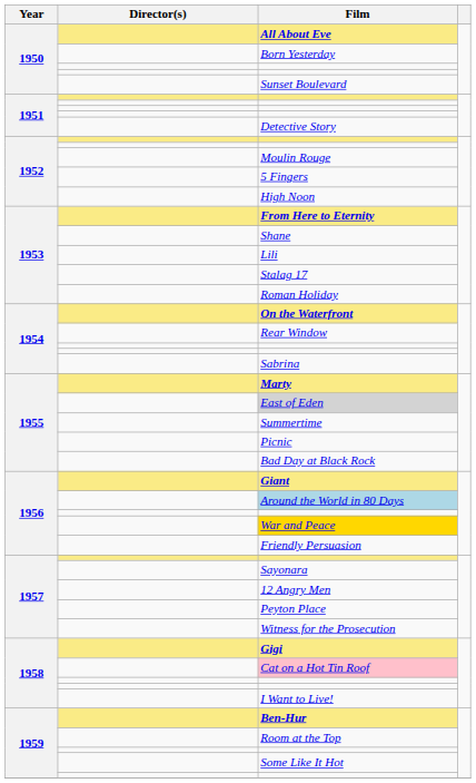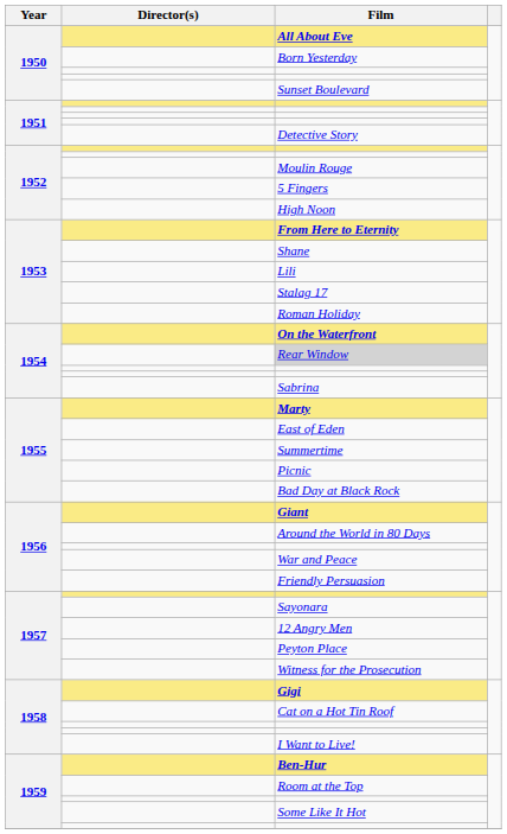 <table class="wikitable sortable">
 <tr>
 <th scope="col" style="width:8%;">Year</th>
 <th scope="col" style="width:30%;">Director(s)</th>
 <th scope="col" style="width:30%;">Film</th>
 <th scope="col" style="width:2%;"></th>
 </tr>
 <tr>
 <th scope="row" rowspan=5 style="text-align:center;"><a href='#'>1950</a><br></th>
 <td style="background:#FAEB86;"><strong></strong></td>
 <td style="background:#FAEB86;"><strong><em><a href='#'>All About Eve</a></em></strong></td>
 <td rowspan="5"></td>
 </tr>
 <tr>
 <td></td>
 <td><em><a href='#'>Born Yesterday</a></em></td>
 </tr>
 <tr>
 <td></td>
 <td></td>
 </tr>
 <tr>
 <td></td>
 <td></td>
 </tr>
 <tr>
 <td></td>
 <td><em><a href='#'>Sunset Boulevard</a></em></td>
 </tr>
 <tr>
 <th scope="row" rowspan=5 style="text-align:center;"><a href='#'>1951</a><br></th>
 <td style="background:#FAEB86;"><strong></strong></td>
 <td style="background:#FAEB86;"><strong></strong></td>
 <td rowspan="5"></td>
 </tr>
 <tr>
 <td></td>
 <td></td>
 </tr>
 <tr>
 <td></td>
 <td></td>
 </tr>
 <tr>
 <td></td>
 <td></td>
 </tr>
 <tr>
 <td></td>
 <td><em><a href='#'>Detective Story</a></em></td>
 </tr>
 <tr>
 <th scope="row" rowspan=5 style="text-align:center;"><a href='#'>1952</a><br></th>
 <td style="background:#FAEB86;"><strong></strong></td>
 <td style="background:#FAEB86;"><strong></strong></td>
 <td rowspan="5"></td>
 </tr>
 <tr>
 <td></td>
 <td></td>
 </tr>
 <tr>
 <td></td>
 <td><em><a href='#'>Moulin Rouge</a></em></td>
 </tr>
 <tr>
 <td></td>
 <td><em><a href='#'>5 Fingers</a></em></td>
 </tr>
 <tr>
 <td></td>
 <td><em><a href='#'>High Noon</a></em></td>
 </tr>
 <tr>
 <th scope="row" rowspan=5 style="text-align:center;"><a href='#'>1953</a><br></th>
 <td style="background:#FAEB86;"><strong></strong></td>
 <td style="background:#FAEB86;"><strong><em><a href='#'>From Here to Eternity</a></em></strong></td>
 <td rowspan="5"></td>
 </tr>
 <tr>
 <td></td>
 <td><em><a href='#'>Shane</a></em></td>
 </tr>
 <tr>
 <td></td>
 <td><em><a href='#'>Lili</a></em></td>
 </tr>
 <tr>
 <td></td>
 <td><em><a href='#'>Stalag 17</a></em></td>
 </tr>
 <tr>
 <td></td>
 <td><em><a href='#'>Roman Holiday</a></em></td>
 </tr>
 <tr>
 <th scope="row" rowspan=5 style="text-align:center;"><a href='#'>1954</a><br></th>
 <td style="background:#FAEB86;"><strong></strong></td>
 <td style="background:#FAEB86;"><strong><em><a href='#'>On the Waterfront</a></em></strong></td>
 <td rowspan="5"></td>
 </tr>
 <tr>
 <td></td>
-<td><em><a href='#'>Rear Window</a></em></td>
+<td style="background: lightgrey;"><em><a href='#'>Rear Window</a></em></td>
 </tr>
 <tr>
 <td></td>
 <td></td>
 </tr>
 <tr>
 <td></td>
 <td></td>
 </tr>
 <tr>
 <td></td>
 <td><em><a href='#'>Sabrina</a></em></td>
 </tr>
 <tr>
 <th scope="row" rowspan=5 style="text-align:center;"><a href='#'>1955</a><br></th>
 <td style="background:#FAEB86;"><strong></strong></td>
 <td style="background:#FAEB86;"><strong><em><a href='#'>Marty</a></em></strong></td>
 <td rowspan="5"></td>
 </tr>
 <tr>
 <td></td>
-<td style="background: lightgrey;"><em><a href='#'>East of Eden</a></em></td>
+<td><em><a href='#'>East of Eden</a></em></td>
 </tr>
 <tr>
 <td></td>
 <td><em><a href='#'>Summertime</a></em></td>
 </tr>
 <tr>
 <td></td>
 <td><em><a href='#'>Picnic</a></em></td>
 </tr>
 <tr>
 <td></td>
 <td><em><a href='#'>Bad Day at Black Rock</a></em></td>
 </tr>
 <tr>
 <th scope="row" rowspan=5 style="text-align:center;"><a href='#'>1956</a><br></th>
 <td style="background:#FAEB86;"><strong></strong></td>
 <td style="background:#FAEB86;"><strong><em><a href='#'>Giant</a></em></strong></td>
 <td rowspan="5"></td>
 </tr>
 <tr>
 <td></td>
-<td style="background: lightblue;"><em><a href='#'>Around the World in 80 Days</a></em></td>
+<td><em><a href='#'>Around the World in 80 Days</a></em></td>
 </tr>
 <tr>
 <td></td>
 <td></td>
 </tr>
 <tr>
 <td></td>
-<td style="background: gold;"><em><a href='#'>War and Peace</a></em></td>
+<td><em><a href='#'>War and Peace</a></em></td>
 </tr>
 <tr>
 <td></td>
 <td><em><a href='#'>Friendly Persuasion</a></em></td>
 </tr>
 <tr>
 <th scope="row" rowspan=5 style="text-align:center;"><a href='#'>1957</a><br></th>
 <td style="background:#FAEB86;"><strong></strong></td>
 <td style="background:#FAEB86;"><strong></strong></td>
 <td rowspan="5"></td>
 </tr>
 <tr>
 <td></td>
 <td><em><a href='#'>Sayonara</a></em></td>
 </tr>
 <tr>
 <td></td>
 <td><em><a href='#'>12 Angry Men</a></em></td>
 </tr>
 <tr>
 <td></td>
 <td><em><a href='#'>Peyton Place</a></em></td>
 </tr>
 <tr>
 <td></td>
 <td><em><a href='#'>Witness for the Prosecution</a></em></td>
 </tr>
 <tr>
 <th scope="row" rowspan=5 style="text-align:center;"><a href='#'>1958</a><br></th>
 <td style="background:#FAEB86;"><strong></strong></td>
 <td style="background:#FAEB86;"><strong><em><a href='#'>Gigi</a></em></strong></td>
 <td rowspan="5"></td>
 </tr>
 <tr>
 <td></td>
-<td style="background: pink;"><em><a href='#'>Cat on a Hot Tin Roof</a></em></td>
+<td><em><a href='#'>Cat on a Hot Tin Roof</a></em></td>
 </tr>
 <tr>
 <td></td>
 <td></td>
 </tr>
 <tr>
 <td></td>
 <td></td>
 </tr>
 <tr>
 <td></td>
 <td><em><a href='#'>I Want to Live!</a></em></td>
 </tr>
 <tr>
 <th scope="row" rowspan=5 style="text-align:center;"><a href='#'>1959</a><br></th>
 <td style="background:#FAEB86;"><strong></strong></td>
 <td style="background:#FAEB86;"><strong><em><a href='#'>Ben-Hur</a></em></strong></td>
 <td rowspan="5"></td>
 </tr>
 <tr>
 <td></td>
 <td><em><a href='#'>Room at the Top</a></em></td>
 </tr>
 <tr>
 <td></td>
 <td></td>
 </tr>
 <tr>
 <td></td>
 <td><em><a href='#'>Some Like It Hot</a></em></td>
 </tr>
 <tr>
 <td></td>
 <td></td>
 </tr>
 <tr>
 </tr>
 </table>
